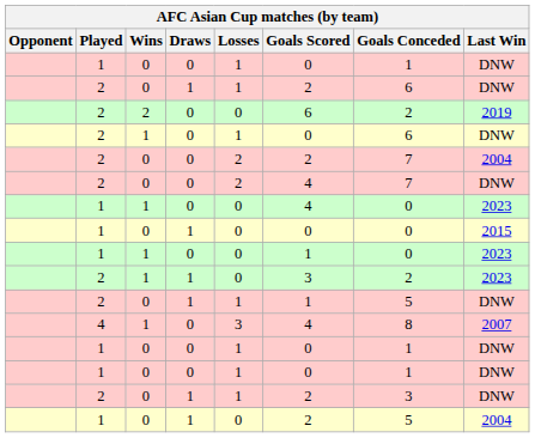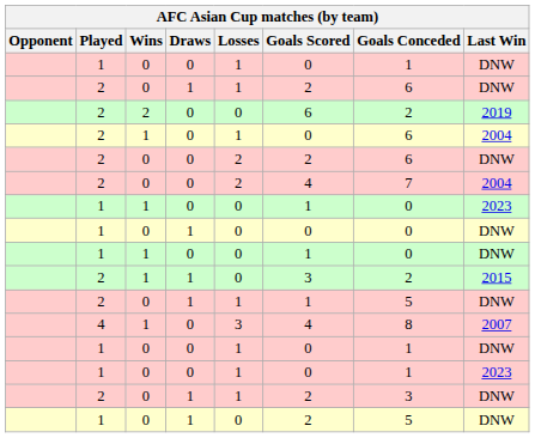 <table class="wikitable sortable" style="text-align: center;">
 <tr>
 <th colspan=8>AFC Asian Cup matches (by team)</th>
 </tr>
 <tr>
 <th>Opponent</th>
 <th>Played</th>
 <th>Wins</th>
 <th>Draws</th>
 <th>Losses</th>
 <th>Goals Scored</th>
 <th>Goals Conceded</th>
 <th>Last Win</th>
 </tr>
 <tr bgcolor=#FFCCCC>
 <td align="left"></td>
 <td>1</td>
 <td>0</td>
 <td>0</td>
 <td>1</td>
 <td>0</td>
 <td>1</td>
 <td>DNW</td>
 </tr>
 <tr bgcolor=#FFCCCC>
 <td align="left"></td>
 <td>2</td>
 <td>0</td>
 <td>1</td>
 <td>1</td>
 <td>2</td>
 <td>6</td>
 <td>DNW</td>
 </tr>
 <tr bgcolor=#CCFFCC>
 <td align="left"></td>
 <td>2</td>
 <td>2</td>
 <td>0</td>
 <td>0</td>
 <td>6</td>
 <td>2</td>
 <td><a href='#'>2019</a></td>
 </tr>
 <tr bgcolor=#FFFFCC>
 <td align="left"></td>
 <td>2</td>
 <td>1</td>
 <td>0</td>
 <td>1</td>
 <td>0</td>
 <td>6</td>
-<td>DNW</td>
+<td><a href='#'>2004</a></td>
 </tr>
 <tr bgcolor=#FFCCCC>
 <td align="left"></td>
 <td>2</td>
 <td>0</td>
 <td>0</td>
 <td>2</td>
 <td>2</td>
-<td>7</td>
-<td><a href='#'>2004</a></td>
+<td>6</td>
+<td>DNW</td>
 </tr>
 <tr bgcolor=#FFCCCC>
 <td align="left"></td>
 <td>2</td>
 <td>0</td>
 <td>0</td>
 <td>2</td>
 <td>4</td>
 <td>7</td>
-<td>DNW</td>
+<td><a href='#'>2004</a></td>
 </tr>
 <tr bgcolor=#CCFFCC>
 <td align="left"></td>
 <td>1</td>
 <td>1</td>
 <td>0</td>
 <td>0</td>
-<td>4</td>
+<td>1</td>
 <td>0</td>
 <td><a href='#'>2023</a></td>
 </tr>
 <tr bgcolor=#FFFFCC>
 <td align="left"></td>
 <td>1</td>
 <td>0</td>
 <td>1</td>
 <td>0</td>
 <td>0</td>
 <td>0</td>
-<td><a href='#'>2015</a></td>
+<td>DNW</td>
 </tr>
 <tr bgcolor=#CCFFCC>
 <td align="left"></td>
 <td>1</td>
 <td>1</td>
 <td>0</td>
 <td>0</td>
 <td>1</td>
 <td>0</td>
-<td><a href='#'>2023</a></td>
+<td>DNW</td>
 </tr>
 <tr bgcolor=#CCFFCC>
 <td align="left"></td>
 <td>2</td>
 <td>1</td>
 <td>1</td>
 <td>0</td>
 <td>3</td>
 <td>2</td>
-<td><a href='#'>2023</a></td>
+<td><a href='#'>2015</a></td>
 </tr>
 <tr bgcolor=#FFCCCC>
 <td align="left"></td>
 <td>2</td>
 <td>0</td>
 <td>1</td>
 <td>1</td>
 <td>1</td>
 <td>5</td>
 <td>DNW</td>
 </tr>
 <tr bgcolor=#FFCCCC>
 <td align="left"></td>
 <td>4</td>
 <td>1</td>
 <td>0</td>
 <td>3</td>
 <td>4</td>
 <td>8</td>
 <td><a href='#'>2007</a></td>
 </tr>
 <tr bgcolor=#FFCCCC>
 <td align="left"></td>
 <td>1</td>
 <td>0</td>
 <td>0</td>
 <td>1</td>
 <td>0</td>
 <td>1</td>
 <td>DNW</td>
 </tr>
 <tr bgcolor=#FFCCCC>
 <td align="left"></td>
 <td>1</td>
 <td>0</td>
 <td>0</td>
 <td>1</td>
 <td>0</td>
 <td>1</td>
-<td>DNW</td>
+<td><a href='#'>2023</a></td>
 </tr>
 <tr bgcolor=#FFCCCC>
 <td align="left"></td>
 <td>2</td>
 <td>0</td>
 <td>1</td>
 <td>1</td>
 <td>2</td>
 <td>3</td>
 <td>DNW</td>
 </tr>
 <tr bgcolor=#FFFFCC>
 <td align="left"></td>
 <td>1</td>
 <td>0</td>
 <td>1</td>
 <td>0</td>
 <td>2</td>
 <td>5</td>
-<td><a href='#'>2004</a></td>
+<td>DNW</td>
 </tr>
 </table>
